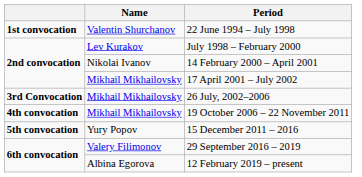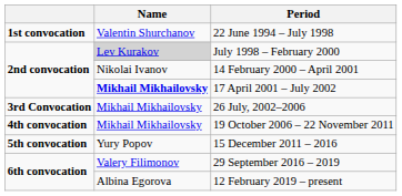 <table class="wikitable">
 <tr>
 <th></th>
 <th>Name</th>
 <th>Period</th>
 </tr>
 <tr>
 <td><strong>1st convocation</strong></td>
 <td><a href='#'>Valentin Shurchanov</a></td>
 <td>22 June 1994 – July 1998</td>
 </tr>
 <tr>
 <td rowspan=3><strong>2nd convocation</strong></td>
-<td><a href='#'>Lev Kurakov</a></td>
+<td style="background: lightgrey;"><a href='#'>Lev Kurakov</a></td>
 <td>July 1998 – February 2000</td>
 </tr>
 <tr>
 <td>Nikolai Ivanov</td>
 <td>14 February 2000 – April 2001</td>
 </tr>
 <tr>
-<td><a href='#'>Mikhail Mikhailovsky</a></td>
+<td><strong><a href='#'>Mikhail Mikhailovsky</a></strong></td>
 <td>17 April 2001 – July 2002</td>
 </tr>
 <tr>
 <td><strong>3rd Convocation</strong></td>
 <td><a href='#'>Mikhail Mikhailovsky</a></td>
 <td>26 July, 2002–2006</td>
 </tr>
 <tr>
 <td><strong>4th convocation</strong></td>
 <td><a href='#'>Mikhail Mikhailovsky</a></td>
 <td>19 October 2006 – 22 November 2011</td>
 </tr>
 <tr>
 <td><strong>5th convocation</strong></td>
 <td>Yury Popov</td>
 <td>15 December 2011 – 2016</td>
 </tr>
 <tr>
 <td rowspan=2><strong>6th convocation</strong></td>
 <td><a href='#'>Valery Filimonov</a></td>
 <td>29 September 2016 – 2019</td>
 </tr>
 <tr>
 <td>Albina Egorova</td>
 <td>12 February 2019 – present</td>
 </tr>
 </table>
